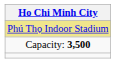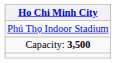 <table class="wikitable" style="text-align:center;margin: 1em auto;">
 <tr>
 <th><a href='#'>Ho Chi Minh City</a></th>
 </tr>
 <tr>
-<td style="background: khaki;"><a href='#'>Phú Thọ Indoor Stadium</a></td>
+<td><a href='#'>Phú Thọ Indoor Stadium</a></td>
 </tr>
 <tr>
 <td>Capacity: <strong>3,500</strong></td>
 </tr>
 <tr>
 <td></td>
 </tr>
 </table>
